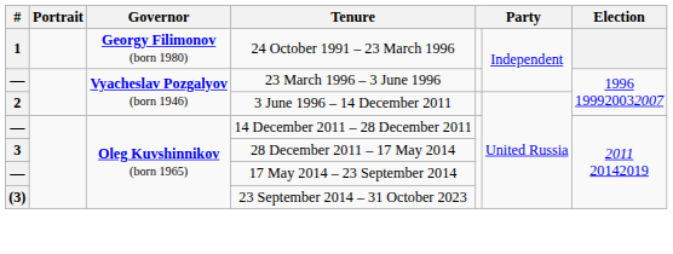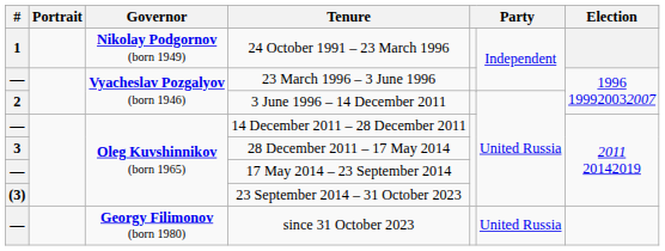 <table class="wikitable" style="text-align:center">
 <tr style="background:#cccccc" bgcolor=#E6E6AA>
 <th>#</th>
 <th>Portrait</th>
 <th>Governor</th>
 <th>Tenure</th>
 <th colspan=2>Party</th>
 <th>Election</th>
 </tr>
 <tr>
 <th>1</th>
 <td></td>
-<td><strong><a href='#'>Georgy Filimonov</a></strong><br><small>(born 1980)</small></td>
+<td><strong><a href='#'>Nikolay Podgornov</a></strong><br><small>(born 1949)</small></td>
 <td>24 October 1991 – 23 March 1996</td>
 <td style="background:"></td>
 <td rowspan=3><a href='#'>Independent</a></td>
 <th></th>
 </tr>
 <tr>
 <th>—</th>
 <td rowspan=3></td>
 <td rowspan=3><strong><a href='#'>Vyacheslav Pozgalyov</a></strong><br><small>(born 1946)</small></td>
 <td>23 March 1996 – 3 June 1996</td>
 <td rowspan=2; style="background:"></td>
 <td rowspan=3><a href='#'>1996</a><br><a href='#'>1999</a><a href='#'>2003</a><em><a href='#'>2007</a></em></td>
 </tr>
 <tr>
 <th rowspan=2>2</th>
 <td rowspan=2>3 June 1996 – 14 December 2011</td>
 </tr>
 <tr>
 <td style="background:"></td>
 <td rowspan=5><a href='#'>United Russia</a></td>
 </tr>
 <tr>
 <th>—</th>
 <td rowspan=4></td>
 <td rowspan=4><strong><a href='#'>Oleg Kuvshinnikov</a></strong><br><small>(born 1965)</small></td>
 <td>14 December 2011 – 28 December 2011</td>
 <td rowspan=4; style="background:"></td>
 <td rowspan=4><em><a href='#'>2011</a></em><br><a href='#'>2014</a><a href='#'>2019</a></td>
 </tr>
 <tr>
 <th>3</th>
 <td>28 December 2011 – 17 May 2014</td>
 </tr>
 <tr>
 <th>—</th>
 <td>17 May 2014 – 23 September 2014</td>
 </tr>
 <tr>
 <th>(3)</th>
 <td>23 September 2014 – 31 October 2023</td>
 </tr>
+<tr>
+<th>—</th>
+<td></td>
+<td><strong><a href='#'>Georgy Filimonov</a></strong><br><small>(born 1980)</small></td>
+<td>since 31 October 2023</td>
+<td style="background:"></td>
+<td><a href='#'>United Russia</a></td>
+<td></td>
+</tr>
 </table>
